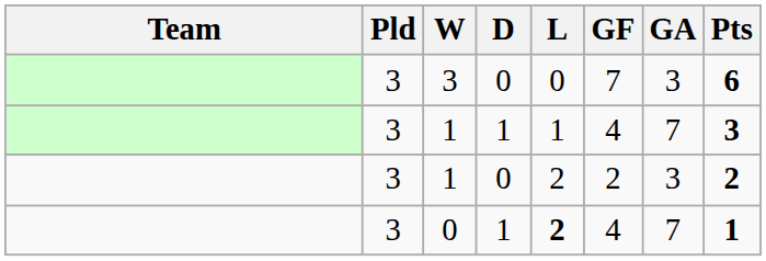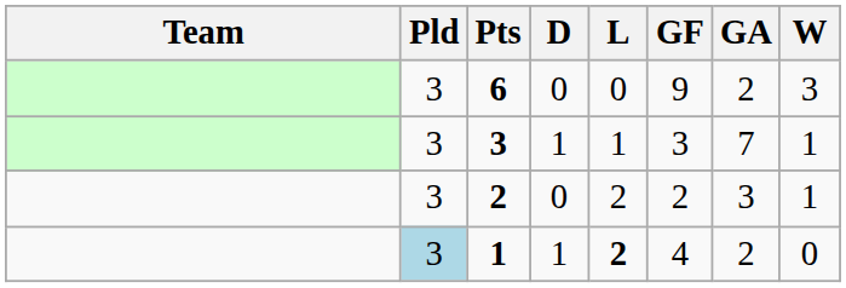 <table class=wikitable style="text-align:center">
 <tr>
 <th width=175>Team</th>
 <th width=20>Pld</th>
-<th width=20>W</th>
+<th width=20>Pts</th>
 <th width=20>D</th>
 <th width=20>L</th>
 <th width=20>GF</th>
 <th width=20>GA</th>
-<th width=20>Pts</th>
+<th width=20>W</th>
 </tr>
 <tr>
 <td align=left style="background:#ccffcc;"></td>
 <td>3</td>
-<td>3</td>
+<td><strong>6</strong></td>
 <td>0</td>
 <td>0</td>
-<td>7</td>
+<td>9</td>
+<td>2</td>
 <td>3</td>
-<td><strong>6</strong></td>
 </tr>
 <tr>
 <td align=left style="background:#ccffcc;"></td>
 <td>3</td>
+<td><strong>3</strong></td>
 <td>1</td>
 <td>1</td>
+<td>3</td>
+<td>7</td>
 <td>1</td>
-<td>4</td>
-<td>7</td>
-<td><strong>3</strong></td>
 </tr>
 <tr>
 <td align=left></td>
 <td>3</td>
-<td>1</td>
+<td><strong>2</strong></td>
 <td>0</td>
 <td>2</td>
 <td>2</td>
 <td>3</td>
-<td><strong>2</strong></td>
+<td>1</td>
 </tr>
 <tr>
 <td align=left></td>
-<td>3</td>
-<td>0</td>
+<td style="background: lightblue;">3</td>
+<td><strong>1</strong></td>
 <td>1</td>
 <td><strong>2</strong></td>
 <td>4</td>
-<td>7</td>
-<td><strong>1</strong></td>
+<td>2</td>
+<td>0</td>
 </tr>
 </table>
